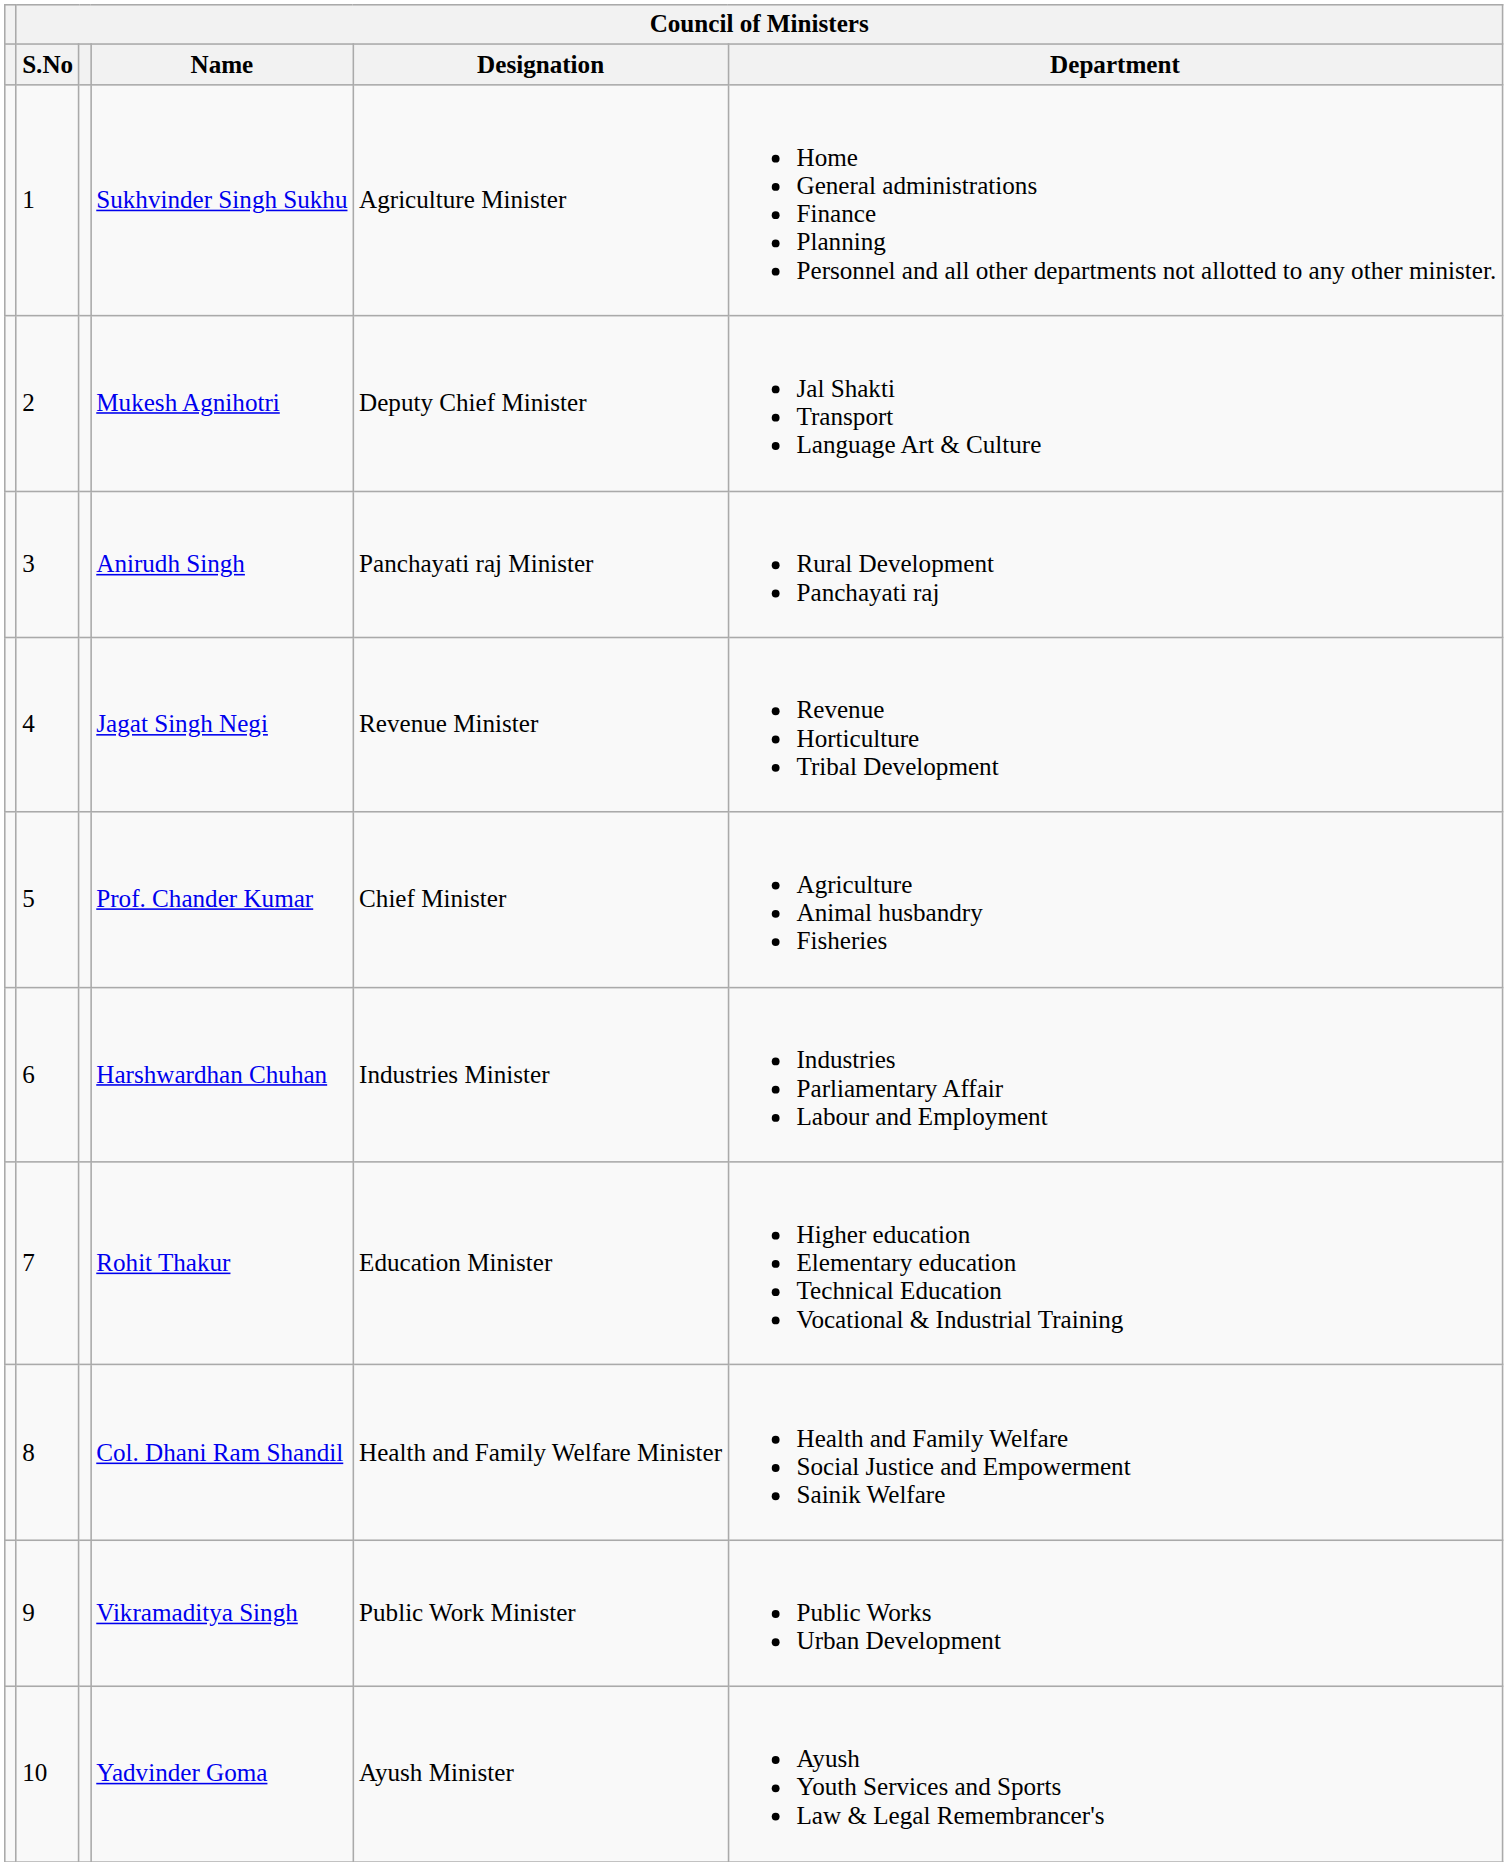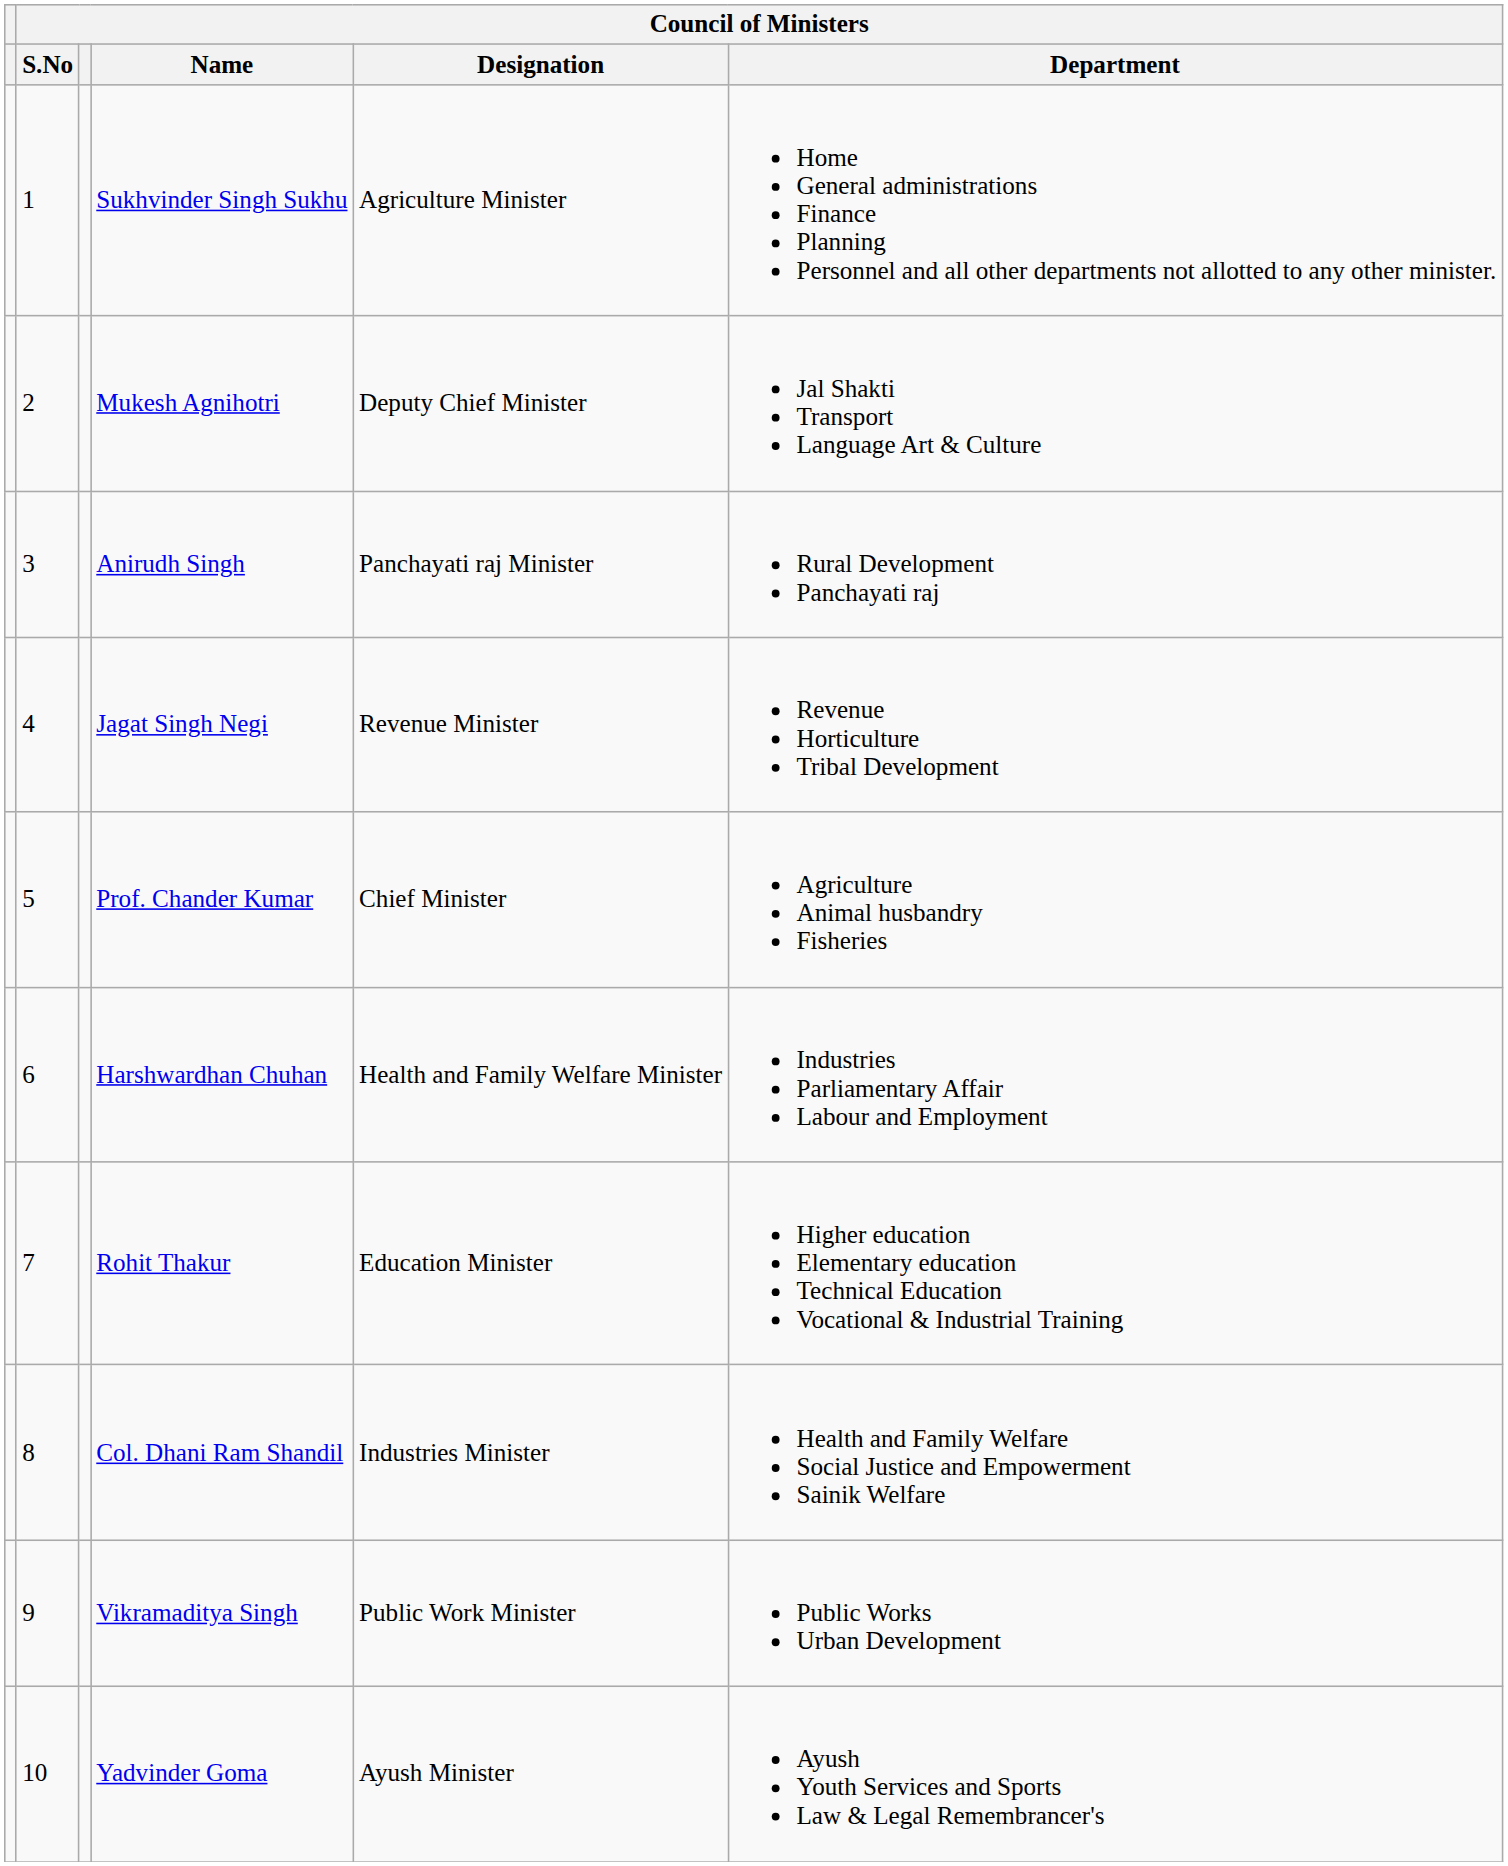 <table class="wikitable">
 <tr>
 <th></th>
 <th colspan="5">Council of Ministers</th>
 </tr>
 <tr>
 <th></th>
 <th>S.No</th>
 <th></th>
 <th>Name</th>
 <th>Designation</th>
 <th>Department</th>
 </tr>
 <tr>
 <td></td>
 <td>1</td>
 <td></td>
 <td><a href='#'>Sukhvinder Singh Sukhu</a></td>
 <td>Agriculture Minister</td>
 <td><br><ul><li>Home</li><li>General administrations</li><li>Finance</li><li>Planning</li><li>Personnel and all other departments not allotted to any other minister.</li></ul></td>
 </tr>
 <tr>
 <td></td>
 <td>2</td>
 <td></td>
 <td><a href='#'>Mukesh Agnihotri</a></td>
 <td>Deputy Chief Minister</td>
 <td><br><ul><li>Jal Shakti</li><li>Transport</li><li>Language Art & Culture</li></ul></td>
 </tr>
 <tr>
 <td></td>
 <td>3</td>
 <td></td>
 <td><a href='#'>Anirudh Singh</a></td>
 <td>Panchayati raj Minister</td>
 <td><br><ul><li>Rural Development</li><li>Panchayati raj</li></ul></td>
 </tr>
 <tr>
 <td></td>
 <td>4</td>
 <td></td>
 <td><a href='#'>Jagat Singh Negi</a></td>
 <td>Revenue Minister</td>
 <td><br><ul><li>Revenue</li><li>Horticulture</li><li>Tribal Development</li></ul></td>
 </tr>
 <tr>
 <td></td>
 <td>5</td>
 <td></td>
 <td><a href='#'>Prof. Chander Kumar</a></td>
 <td>Chief Minister</td>
 <td><br><ul><li>Agriculture</li><li>Animal husbandry</li><li>Fisheries</li></ul></td>
 </tr>
 <tr>
 <td></td>
 <td>6</td>
 <td></td>
 <td><a href='#'>Harshwardhan Chuhan</a></td>
-<td>Industries Minister</td>
+<td>Health and Family Welfare Minister</td>
 <td><br><ul><li>Industries</li><li>Parliamentary Affair</li><li>Labour and Employment</li></ul></td>
 </tr>
 <tr>
 <td></td>
 <td>7</td>
 <td></td>
 <td><a href='#'>Rohit Thakur</a></td>
 <td>Education Minister</td>
 <td><br><ul><li>Higher education</li><li>Elementary education</li><li>Technical Education</li><li>Vocational & Industrial Training</li></ul></td>
 </tr>
 <tr>
 <td></td>
 <td>8</td>
 <td></td>
 <td><a href='#'>Col. Dhani Ram Shandil</a></td>
-<td>Health and Family Welfare Minister</td>
+<td>Industries Minister</td>
 <td><br><ul><li>Health and Family Welfare</li><li>Social Justice and Empowerment</li><li>Sainik Welfare</li></ul></td>
 </tr>
 <tr>
 <td></td>
 <td>9</td>
 <td></td>
 <td><a href='#'>Vikramaditya Singh</a></td>
 <td>Public Work Minister</td>
 <td><br><ul><li>Public Works</li><li>Urban Development</li></ul></td>
 </tr>
 <tr>
 <td></td>
 <td>10</td>
 <td></td>
 <td><a href='#'>Yadvinder Goma</a></td>
 <td>Ayush Minister</td>
 <td><br><ul><li>Ayush</li><li>Youth Services and Sports</li><li>Law & Legal Remembrancer's</li></ul></td>
 </tr>
 </table>
